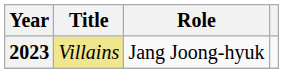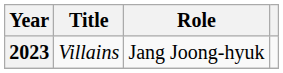 <table class="wikitable plainrowheaders">
 <tr>
 <th scope="col">Year</th>
 <th scope="col">Title</th>
 <th scope="col">Role</th>
 <th scope="col" class="unsortable"></th>
 </tr>
 <tr>
 <th scope="row">2023</th>
-<td style="background: khaki;"><em>Villains</em></td>
+<td><em>Villains</em></td>
 <td>Jang Joong-hyuk</td>
 <td></td>
 </tr>
 <tr>
 </tr>
 </table>
